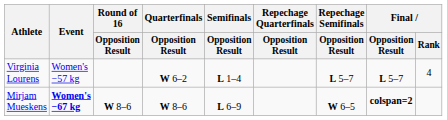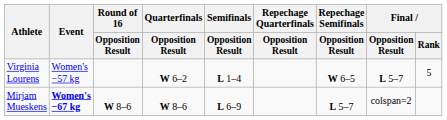 <table class=wikitable style=font-size:90%;text-align:center>
 <tr>
 <th rowspan=2>Athlete</th>
 <th rowspan=2>Event</th>
 <th>Round of 16</th>
 <th>Quarterfinals</th>
 <th>Semifinals</th>
 <th>Repechage<br>Quarterfinals</th>
 <th>Repechage<br>Semifinals</th>
 <th colspan=2>Final / </th>
 </tr>
 <tr style=font-size:95%>
 <th>Opposition<br>Result</th>
 <th>Opposition<br>Result</th>
 <th>Opposition<br>Result</th>
 <th>Opposition<br>Result</th>
 <th>Opposition<br>Result</th>
 <th>Opposition<br>Result</th>
 <th>Rank</th>
 </tr>
 <tr>
 <td align=left><a href='#'>Virginia Lourens</a></td>
 <td align=left><a href='#'>Women's −57 kg</a></td>
 <td></td>
 <td><br><strong>W</strong> 6–2</td>
 <td><br><strong>L</strong> 1–4</td>
 <td></td>
+<td><br><strong>W</strong> 6–5</td>
 <td><br><strong>L</strong> 5–7</td>
-<td><br><strong>L</strong> 5–7</td>
-<td>4</td>
+<td>5</td>
 </tr>
 <tr>
 <td align=left><a href='#'>Mirjam Mueskens</a></td>
 <td align=left><strong><a href='#'>Women's −67 kg</a></strong></td>
 <td><br><strong>W</strong> 8–6</td>
 <td><br><strong>W</strong> 8–6</td>
 <td><br><strong>L</strong> 6–9</td>
 <td></td>
-<td><br><strong>W</strong> 6–5</td>
-<td><strong>colspan=2 </strong></td>
+<td><br><strong>L</strong> 5–7</td>
+<td>colspan=2 </td>
 </tr>
 </table>
